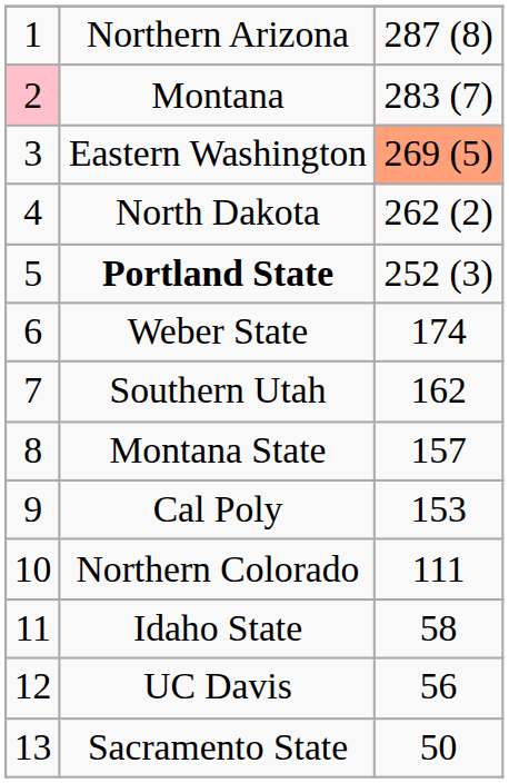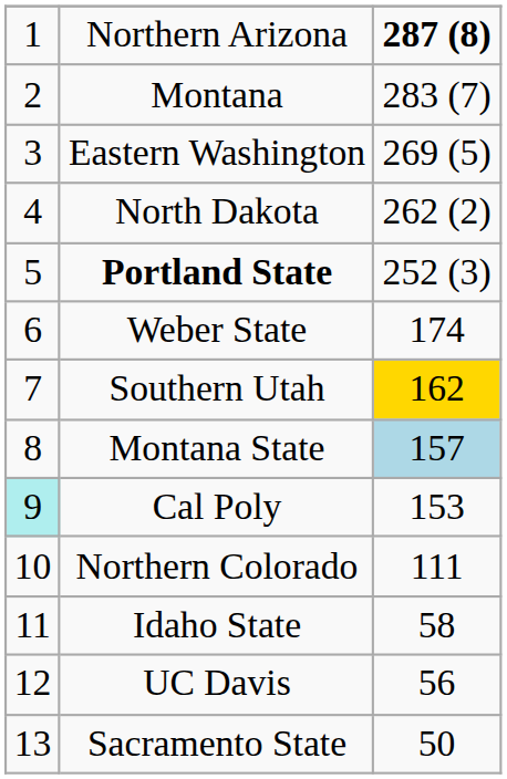 <table class="wikitable" style="display: inline-table;">
 <tr align="center">
 </tr>
 <tr align="center">
 <td>1</td>
 <td>Northern Arizona</td>
-<td>287 (8)</td>
+<td><strong>287 (8)</strong></td>
 </tr>
 <tr align="center">
-<td style="background: pink;">2</td>
+<td>2</td>
 <td>Montana</td>
 <td>283 (7)</td>
 </tr>
 <tr align="center">
 <td>3</td>
 <td>Eastern Washington</td>
-<td style="background: lightsalmon;">269 (5)</td>
+<td>269 (5)</td>
 </tr>
 <tr align="center">
 <td>4</td>
 <td>North Dakota</td>
 <td>262 (2)</td>
 </tr>
 <tr align="center">
 <td>5</td>
 <td><strong>Portland State</strong></td>
 <td>252 (3)</td>
 </tr>
 <tr align="center">
 <td>6</td>
 <td>Weber State</td>
 <td>174</td>
 </tr>
 <tr align="center">
 <td>7</td>
 <td>Southern Utah</td>
-<td>162</td>
+<td style="background: gold;">162</td>
 </tr>
 <tr align="center">
 <td>8</td>
 <td>Montana State</td>
-<td>157</td>
+<td style="background: lightblue;">157</td>
 </tr>
 <tr align="center">
-<td>9</td>
+<td style="background: paleturquoise;">9</td>
 <td>Cal Poly</td>
 <td>153</td>
 </tr>
 <tr align="center">
 <td>10</td>
 <td>Northern Colorado</td>
 <td>111</td>
 </tr>
 <tr align="center">
 <td>11</td>
 <td>Idaho State</td>
 <td>58</td>
 </tr>
 <tr align="center">
 <td>12</td>
 <td>UC Davis</td>
 <td>56</td>
 </tr>
 <tr align="center">
 <td>13</td>
 <td>Sacramento State</td>
 <td>50</td>
 </tr>
 </table>
